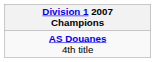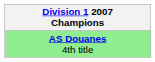 <table class="wikitable" style="margin: 0 auto; width: 240px;">
 <tr>
 <th><a href='#'>Division 1</a> 2007<br>Champions</th>
 </tr>
 <tr>
-<td align=center><strong><a href='#'>AS Douanes</a></strong><br>4th title</td>
+<td align=center style="background: lightgreen;"><strong><a href='#'>AS Douanes</a></strong><br>4th title</td>
 </tr>
 </table>
